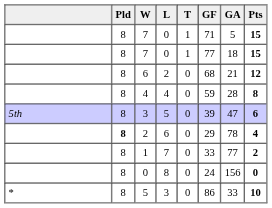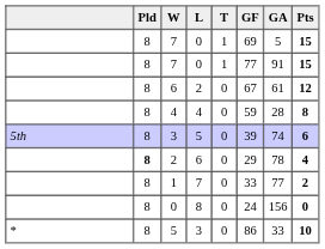 <table border=1 cellpadding=5 cellspacing=0>
 <tr>
 <th bgcolor="#efefef" width="150"></th>
 <th bgcolor="#efefef" width="20">Pld</th>
 <th bgcolor="#efefef" width="20">W</th>
 <th bgcolor="#efefef" width="20">L</th>
 <th bgcolor="#efefef" width="20">T</th>
 <th bgcolor="#efefef" width="20">GF</th>
 <th bgcolor="#efefef" width="20">GA</th>
 <th bgcolor="#efefef" width="20">Pts</th>
 </tr>
 <tr align=center>
 <td align=left></td>
 <td>8</td>
 <td>7</td>
 <td>0</td>
 <td>1</td>
-<td>71</td>
+<td>69</td>
 <td>5</td>
 <td><strong>15</strong></td>
 </tr>
 <tr align=center>
 <td align=left></td>
 <td>8</td>
 <td>7</td>
 <td>0</td>
 <td>1</td>
 <td>77</td>
-<td>18</td>
+<td>91</td>
 <td><strong>15</strong></td>
 </tr>
 <tr align=center>
 <td align=left></td>
 <td>8</td>
 <td>6</td>
 <td>2</td>
 <td>0</td>
-<td>68</td>
-<td>21</td>
+<td>67</td>
+<td>61</td>
 <td><strong>12</strong></td>
 </tr>
 <tr align=center>
 <td align=left></td>
 <td>8</td>
 <td>4</td>
 <td>4</td>
 <td>0</td>
 <td>59</td>
 <td>28</td>
 <td><strong>8</strong></td>
 </tr>
 <tr align=center bgcolor="ccccff">
 <td align=left> <em>5th</em></td>
 <td>8</td>
 <td>3</td>
 <td>5</td>
 <td>0</td>
 <td>39</td>
-<td>47</td>
+<td>74</td>
 <td><strong>6</strong></td>
 </tr>
 <tr align=center>
 <td align=left></td>
 <td><strong>8</strong></td>
 <td>2</td>
 <td>6</td>
 <td>0</td>
 <td>29</td>
 <td>78</td>
 <td><strong>4</strong></td>
 </tr>
 <tr align=center>
 <td align=left></td>
 <td>8</td>
 <td>1</td>
 <td>7</td>
 <td>0</td>
 <td>33</td>
 <td>77</td>
 <td><strong>2</strong></td>
 </tr>
 <tr align=center>
 <td align=left></td>
 <td>8</td>
 <td>0</td>
 <td>8</td>
 <td>0</td>
 <td>24</td>
 <td>156</td>
 <td><strong>0</strong></td>
 </tr>
 <tr align=center>
 <td align=left> *</td>
 <td>8</td>
 <td>5</td>
 <td>3</td>
 <td>0</td>
 <td>86</td>
 <td>33</td>
 <td><strong>10</strong></td>
 </tr>
 </table>
